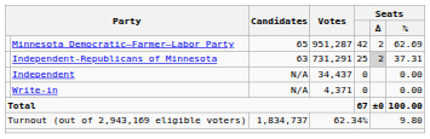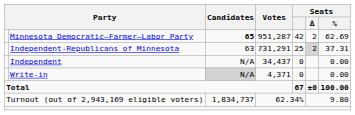 <table class="wikitable">
 <tr>
 <th rowspan="2" colspan="2">Party</th>
 <th rowspan="2">Candidates</th>
 <th rowspan="2" colspan="1">Votes</th>
 <th colspan="3">Seats</th>
 </tr>
 <tr>
 <th></th>
 <th>∆</th>
 <th>%</th>
 </tr>
 <tr>
 <td style="background-color:"></td>
 <td><a href='#'>Minnesota Democratic–Farmer–Labor Party</a></td>
-<td align="right">65</td>
+<td align="right"><strong>65</strong></td>
 <td align="right">951,287</td>
 <td align="right">42</td>
 <td align="right">2</td>
 <td align="right">62.69</td>
 </tr>
 <tr>
 <td style="background-color:"></td>
 <td><a href='#'>Independent-Republicans of Minnesota</a></td>
 <td align="right">63</td>
 <td align="right">731,291</td>
 <td align="right">25</td>
 <td align="right" style="background: lightgrey;">2</td>
 <td align="right">37.31</td>
 </tr>
 <tr>
 <td style="background-color:"></td>
 <td><a href='#'>Independent</a></td>
 <td align="right">N/A</td>
 <td align="right">34,437</td>
 <td align="right">0</td>
 <td align="right"></td>
 <td align=right>0.00</td>
 </tr>
 <tr>
 <td style="background-color:"></td>
 <td><a href='#'>Write-in</a></td>
-<td align="right">N/A</td>
+<td align="right" style="background: lightgrey;">N/A</td>
 <td align="right">4,371</td>
 <td align="right">0</td>
 <td align="right"></td>
 <td align=right>0.00</td>
 </tr>
 <tr>
 <td colspan="4" align="left"><strong>Total</strong></td>
 <td align="right"><strong>67</strong></td>
 <td align="right"><strong>±0</strong></td>
 <td align="right"><strong>100.00</strong></td>
 </tr>
 <tr>
 <td colspan="2" align="left">Turnout (out of 2,943,169 eligible voters)</td>
 <td colspan="1" align="right">1,834,737</td>
 <td colspan="2" align="right">62.34%</td>
 <td colspan="2" align="right">9.80 </td>
 </tr>
 <tr>
 <td colspan="7"></td>
 </tr>
 </table>
